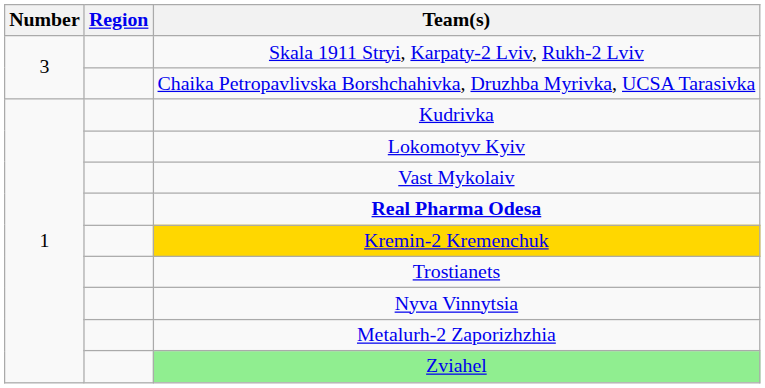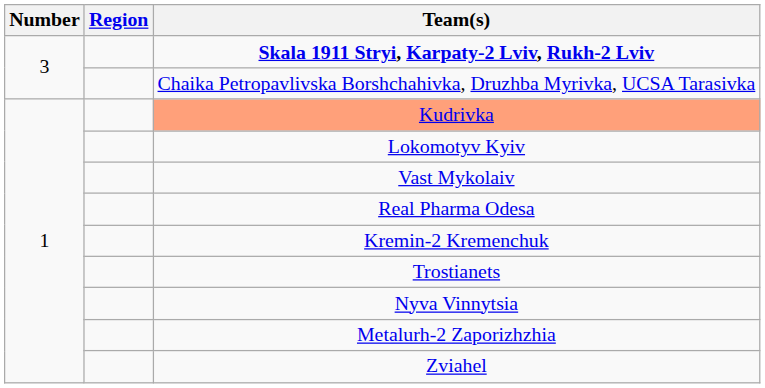 <table class="wikitable" style="text-align:center">
 <tr>
 <th>Number</th>
 <th><a href='#'>Region</a></th>
 <th>Team(s)</th>
 </tr>
 <tr>
 <td rowspan="2">3</td>
 <td align="left"></td>
-<td><a href='#'>Skala 1911 Stryi</a>, <a href='#'>Karpaty-2 Lviv</a>, <a href='#'>Rukh-2 Lviv</a></td>
+<td><strong><a href='#'>Skala 1911 Stryi</a>, <a href='#'>Karpaty-2 Lviv</a>, <a href='#'>Rukh-2 Lviv</a></strong></td>
 </tr>
 <tr>
 <td align="left"></td>
 <td><a href='#'>Chaika Petropavlivska Borshchahivka</a>, <a href='#'>Druzhba Myrivka</a>, <a href='#'>UCSA Tarasivka</a></td>
 </tr>
 <tr>
 <td rowspan="17">1</td>
 <td align="left"></td>
-<td><a href='#'>Kudrivka</a></td>
+<td style="background: lightsalmon;"><a href='#'>Kudrivka</a></td>
 </tr>
 <tr>
 <td align="left"></td>
 <td><a href='#'>Lokomotyv Kyiv</a></td>
 </tr>
 <tr>
 <td align="left"></td>
 <td><a href='#'>Vast Mykolaiv</a></td>
 </tr>
 <tr>
 <td align="left"></td>
-<td><strong><a href='#'>Real Pharma Odesa</a></strong></td>
+<td><a href='#'>Real Pharma Odesa</a></td>
 </tr>
 <tr>
 <td align="left"></td>
-<td style="background: gold;"><a href='#'>Kremin-2 Kremenchuk</a></td>
+<td><a href='#'>Kremin-2 Kremenchuk</a></td>
 </tr>
 <tr>
 <td align="left"></td>
 <td><a href='#'>Trostianets</a></td>
 </tr>
 <tr>
 <td align="left"></td>
 <td><a href='#'>Nyva Vinnytsia</a></td>
 </tr>
 <tr>
 <td align="left"></td>
 <td><a href='#'>Metalurh-2 Zaporizhzhia</a></td>
 </tr>
 <tr>
 <td align="left"></td>
-<td style="background: lightgreen;"><a href='#'>Zviahel</a></td>
+<td><a href='#'>Zviahel</a></td>
 </tr>
 </table>
